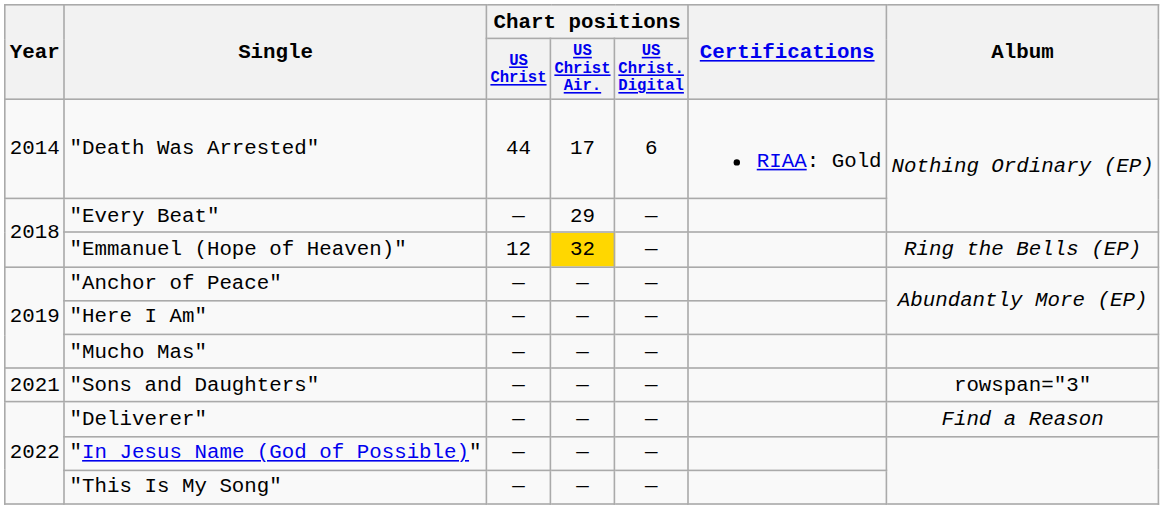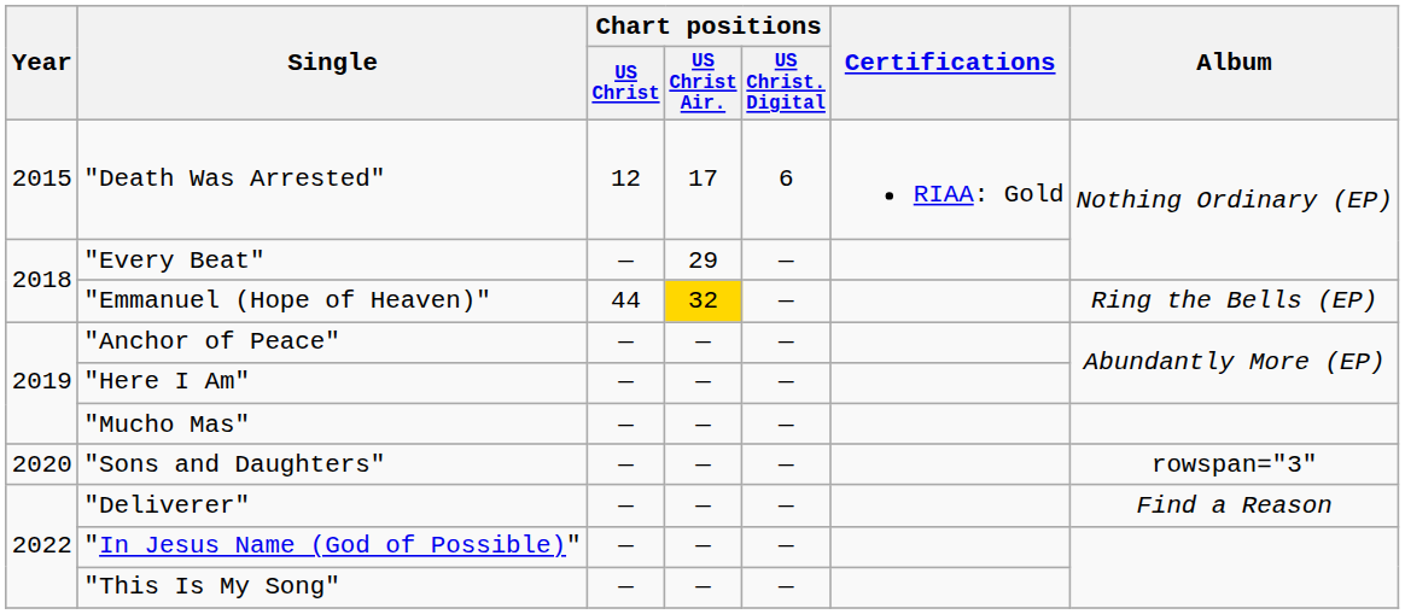 <table class="wikitable" style="text-align:center;">
 <tr>
 <th rowspan="2">Year</th>
 <th rowspan="2">Single</th>
 <th colspan="3">Chart positions</th>
 <th rowspan="2"><a href='#'>Certifications</a></th>
 <th rowspan="2" scope="col">Album</th>
 </tr>
 <tr style="font-size:smaller;">
 <th scope="col" style="width:3em;font-size:90%;"><a href='#'>US<br>Christ</a><br></th>
 <th scope="col" style="width:3em;font-size:90%;"><a href='#'>US<br>Christ Air.</a><br></th>
 <th scope="col" style="width:3em;font-size:90%;"><a href='#'>US<br>Christ. Digital</a></th>
 </tr>
 <tr>
-<td>2014</td>
+<td>2015</td>
 <td align="left">"Death Was Arrested" <br></td>
-<td>44</td>
+<td>12</td>
 <td>17</td>
 <td>6</td>
 <td><br><ul><li><a href='#'>RIAA</a>: Gold</li></ul></td>
 <td rowspan="2"><em>Nothing Ordinary (EP)</em></td>
 </tr>
 <tr>
 <td rowspan="2">2018</td>
 <td align="left">"Every Beat" <br></td>
 <td>—</td>
 <td>29</td>
 <td>—</td>
 <td></td>
 </tr>
 <tr>
 <td align="left">"Emmanuel (Hope of Heaven)" <br></td>
-<td>12</td>
+<td>44</td>
 <td style="background: gold;">32</td>
 <td>—</td>
 <td></td>
 <td><em>Ring the Bells (EP)</em></td>
 </tr>
 <tr>
 <td rowspan="3">2019</td>
 <td align="left">"Anchor of Peace" <br></td>
 <td>—</td>
 <td>—</td>
 <td>—</td>
 <td></td>
 <td rowspan="2"><em>Abundantly More (EP)</em></td>
 </tr>
 <tr>
 <td align="left">"Here I Am" <br></td>
 <td>—</td>
 <td>—</td>
 <td>—</td>
 <td></td>
 </tr>
 <tr>
 <td align="left">"Mucho Mas"<br></td>
 <td>—</td>
 <td>—</td>
 <td>—</td>
 <td></td>
 <td></td>
 </tr>
 <tr>
-<td>2021</td>
+<td>2020</td>
 <td align="left">"Sons and Daughters"<br></td>
 <td>—</td>
 <td>—</td>
 <td>—</td>
 <td></td>
 <td>rowspan="3" </td>
 </tr>
 <tr>
 <td rowspan="3">2022</td>
 <td align="left">"Deliverer"</td>
 <td>—</td>
 <td>—</td>
 <td>—</td>
 <td></td>
 <td><em>Find a Reason</em></td>
 </tr>
 <tr>
 <td align="left">"<a href='#'>In Jesus Name (God of Possible)</a>"<br></td>
 <td>—</td>
 <td>—</td>
 <td>—</td>
 <td></td>
 </tr>
 <tr>
 <td align="left">"This Is My Song"<br></td>
 <td>—</td>
 <td>—</td>
 <td>—</td>
 <td></td>
 </tr>
 </table>
